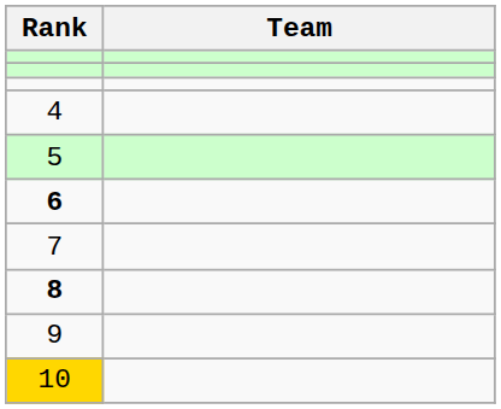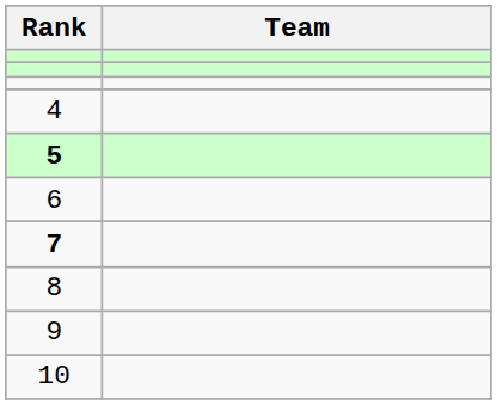 <table class="wikitable" style="text-align: center;">
 <tr>
 <th width=40>Rank</th>
 <th width=180>Team</th>
 </tr>
 <tr align=center; bgcolor=#ccffcc>
 <td></td>
 <td style="text-align:left;"></td>
 </tr>
 <tr align=center; bgcolor=#ccffcc>
 <td></td>
 <td style="text-align:left;"></td>
 </tr>
 <tr align=center>
 <td></td>
 <td style="text-align:left;"></td>
 </tr>
 <tr align=center>
 <td>4</td>
 <td style="text-align:left;"></td>
 </tr>
 <tr align=center; bgcolor=#ccffcc>
-<td>5</td>
+<td><strong>5</strong></td>
 <td style="text-align:left;"></td>
 </tr>
 <tr align=center>
-<td><strong>6</strong></td>
+<td>6</td>
 <td style="text-align:left;"></td>
 </tr>
 <tr align=center>
-<td>7</td>
+<td><strong>7</strong></td>
 <td style="text-align:left;"></td>
 </tr>
 <tr align=center>
-<td><strong>8</strong></td>
+<td>8</td>
 <td style="text-align:left;"></td>
 </tr>
 <tr align=center>
 <td>9</td>
 <td style="text-align:left;"></td>
 </tr>
 <tr align=center>
-<td style="background: gold;">10</td>
+<td>10</td>
 <td style="text-align:left;"></td>
 </tr>
 </table>
